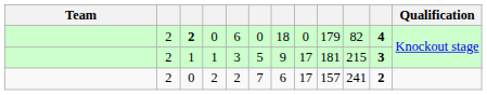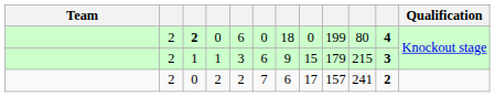 <table class=wikitable style="text-align:center">
 <tr>
 <th width=175>Team</th>
 <th width=20></th>
 <th width=20></th>
 <th width=20></th>
 <th width=20></th>
 <th width=20></th>
 <th width=20></th>
 <th width=20></th>
 <th width=20></th>
 <th width=20></th>
 <th width=20></th>
 <th>Qualification</th>
 </tr>
 <tr style="background-color:#ccffcc;">
 <td style="text-align:left;"></td>
 <td>2</td>
 <td><strong>2</strong></td>
 <td>0</td>
 <td>6</td>
 <td>0</td>
 <td>18</td>
 <td>0</td>
-<td>179</td>
-<td>82</td>
+<td>199</td>
+<td>80</td>
 <td><strong>4</strong></td>
 <td rowspan=2><a href='#'>Knockout stage</a></td>
 </tr>
 <tr style="background-color:#ccffcc;">
 <td style="text-align:left;"></td>
 <td>2</td>
 <td>1</td>
 <td>1</td>
 <td>3</td>
-<td>5</td>
+<td>6</td>
 <td>9</td>
-<td>17</td>
-<td>181</td>
+<td>15</td>
+<td>179</td>
 <td>215</td>
 <td><strong>3</strong></td>
 </tr>
 <tr>
 <td style="text-align:left;"></td>
 <td>2</td>
 <td>0</td>
 <td>2</td>
 <td>2</td>
 <td>7</td>
 <td>6</td>
 <td>17</td>
 <td>157</td>
 <td>241</td>
 <td><strong>2</strong></td>
 <td></td>
 </tr>
 </table>
